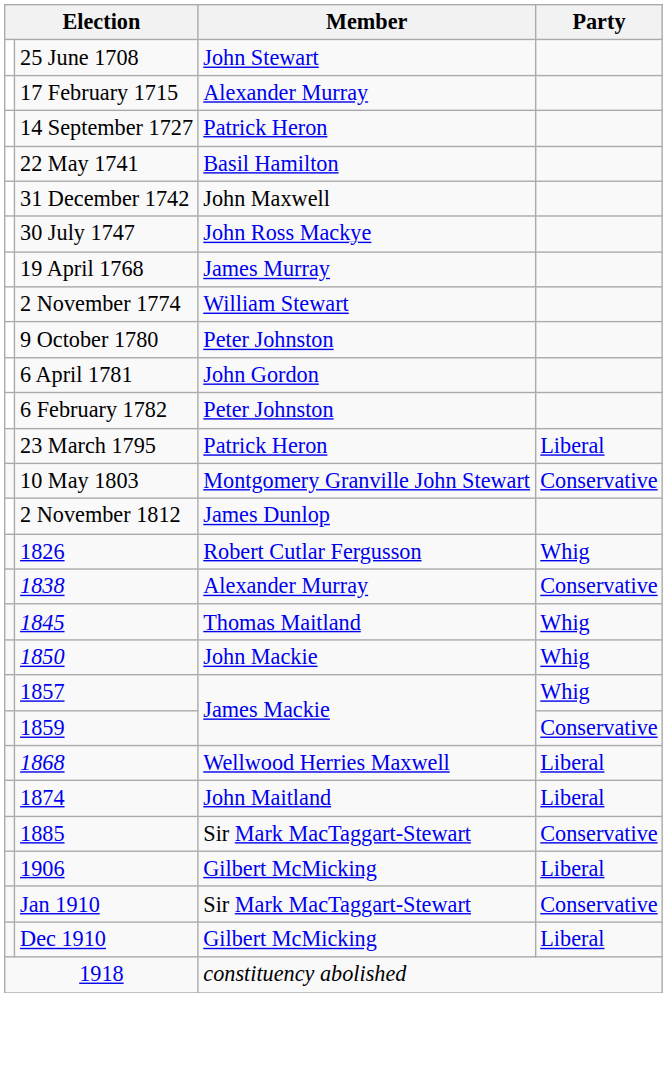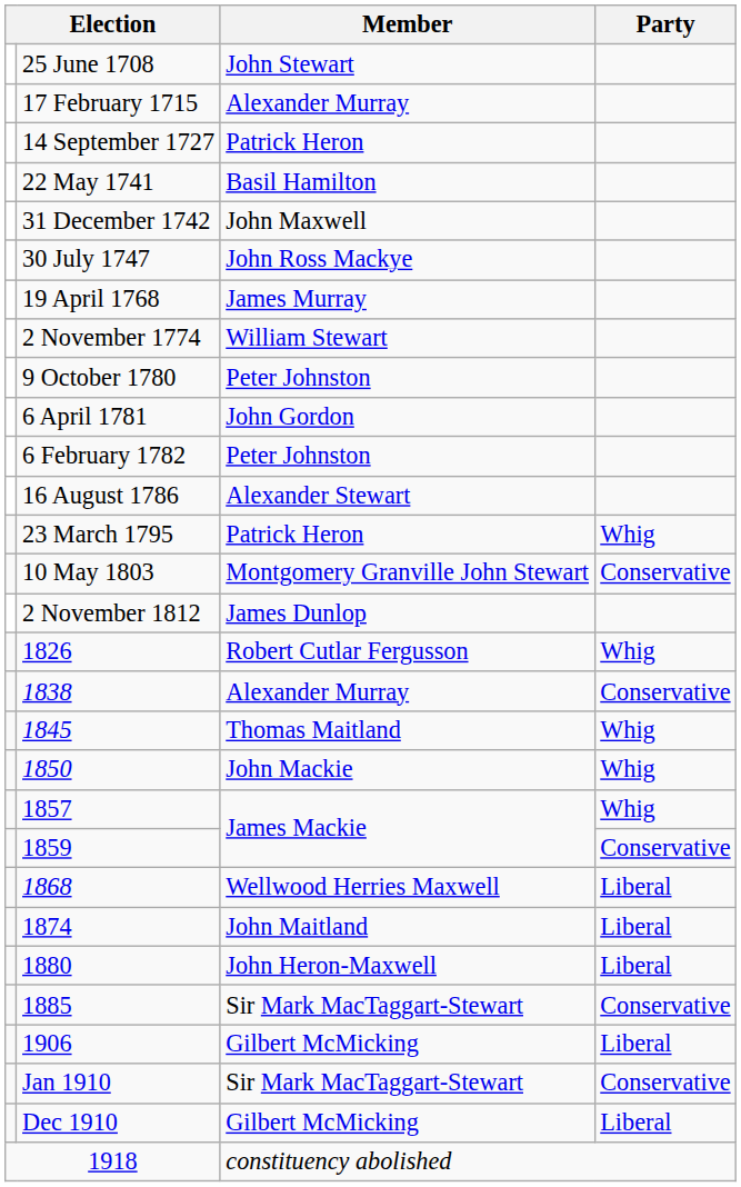 <table class="wikitable">
 <tr>
 <th colspan="2">Election</th>
 <th>Member</th>
 <th>Party</th>
 </tr>
 <tr>
 <td style="color:inherit;background-color: white"></td>
 <td>25 June 1708</td>
 <td><a href='#'>John Stewart</a></td>
 <td></td>
 </tr>
 <tr>
 <td style="color:inherit;background-color: white"></td>
 <td>17 February 1715</td>
 <td><a href='#'>Alexander Murray</a></td>
 <td></td>
 </tr>
 <tr>
 <td style="color:inherit;background-color: white"></td>
 <td>14 September 1727</td>
 <td><a href='#'>Patrick Heron</a></td>
 <td></td>
 </tr>
 <tr>
 <td style="color:inherit;background-color: white"></td>
 <td>22 May 1741</td>
 <td><a href='#'>Basil Hamilton</a></td>
 <td></td>
 </tr>
 <tr>
 <td style="color:inherit;background-color: white"></td>
 <td>31 December 1742</td>
 <td>John Maxwell</td>
 <td></td>
 </tr>
 <tr>
 <td style="color:inherit;background-color: white"></td>
 <td>30 July 1747</td>
 <td><a href='#'>John Ross Mackye</a></td>
 <td></td>
 </tr>
 <tr>
 <td style="color:inherit;background-color: white"></td>
 <td>19 April 1768</td>
 <td><a href='#'>James Murray</a></td>
 <td></td>
 </tr>
 <tr>
 <td style="color:inherit;background-color: white"></td>
 <td>2 November 1774</td>
 <td><a href='#'>William Stewart</a></td>
 <td></td>
 </tr>
 <tr>
 <td style="color:inherit;background-color: white"></td>
 <td>9 October 1780</td>
 <td><a href='#'>Peter Johnston</a></td>
 <td></td>
 </tr>
 <tr>
 <td style="color:inherit;background-color: white"></td>
 <td>6 April 1781</td>
 <td><a href='#'>John Gordon</a></td>
 <td></td>
 </tr>
 <tr>
 <td style="color:inherit;background-color: white"></td>
 <td>6 February 1782</td>
 <td><a href='#'>Peter Johnston</a></td>
 <td></td>
 </tr>
 <tr>
+<td style="color:inherit;background-color: white"></td>
+<td>16 August 1786</td>
+<td><a href='#'>Alexander Stewart</a></td>
+<td></td>
+</tr>
+<tr>
 <td style="color:inherit;background-color: "></td>
 <td>23 March 1795</td>
 <td><a href='#'>Patrick Heron</a></td>
-<td><a href='#'>Liberal</a></td>
+<td><a href='#'>Whig</a></td>
 </tr>
 <tr>
 <td style="color:inherit;background-color: "></td>
 <td>10 May 1803</td>
 <td><a href='#'>Montgomery Granville John Stewart</a></td>
 <td><a href='#'>Conservative</a></td>
 </tr>
 <tr>
 <td style="color:inherit;background-color: white"></td>
 <td>2 November 1812</td>
 <td><a href='#'>James Dunlop</a></td>
 <td></td>
 </tr>
 <tr>
 <td style="color:inherit;background-color: "></td>
 <td><a href='#'>1826</a></td>
 <td><a href='#'>Robert Cutlar Fergusson</a></td>
 <td><a href='#'>Whig</a></td>
 </tr>
 <tr>
 <td style="color:inherit;background-color: "></td>
 <td><em><a href='#'>1838</a></em></td>
 <td><a href='#'>Alexander Murray</a></td>
 <td><a href='#'>Conservative</a></td>
 </tr>
 <tr>
 <td style="color:inherit;background-color: "></td>
 <td><em><a href='#'>1845</a></em></td>
 <td><a href='#'>Thomas Maitland</a></td>
 <td><a href='#'>Whig</a></td>
 </tr>
 <tr>
 <td style="color:inherit;background-color: "></td>
 <td><em><a href='#'>1850</a></em></td>
 <td><a href='#'>John Mackie</a></td>
 <td><a href='#'>Whig</a></td>
 </tr>
 <tr>
 <td style="color:inherit;background-color: "></td>
 <td><a href='#'>1857</a></td>
 <td rowspan="2"><a href='#'>James Mackie</a></td>
 <td><a href='#'>Whig</a></td>
 </tr>
 <tr>
 <td style="color:inherit;background-color: "></td>
 <td><a href='#'>1859</a></td>
 <td><a href='#'>Conservative</a></td>
 </tr>
 <tr>
 <td style="color:inherit;background-color: "></td>
 <td><em><a href='#'>1868</a></em></td>
 <td><a href='#'>Wellwood Herries Maxwell</a></td>
 <td><a href='#'>Liberal</a></td>
 </tr>
 <tr>
 <td style="color:inherit;background-color: "></td>
 <td><a href='#'>1874</a></td>
 <td><a href='#'>John Maitland</a></td>
 <td><a href='#'>Liberal</a></td>
 </tr>
 <tr>
 <td style="color:inherit;background-color: "></td>
+<td><a href='#'>1880</a></td>
+<td><a href='#'>John Heron-Maxwell</a></td>
+<td><a href='#'>Liberal</a></td>
+</tr>
+<tr>
+<td style="color:inherit;background-color: "></td>
 <td><a href='#'>1885</a></td>
 <td>Sir <a href='#'>Mark MacTaggart-Stewart</a></td>
 <td><a href='#'>Conservative</a></td>
 </tr>
 <tr>
 <td style="color:inherit;background-color: "></td>
 <td><a href='#'>1906</a></td>
 <td><a href='#'>Gilbert McMicking</a></td>
 <td><a href='#'>Liberal</a></td>
 </tr>
 <tr>
 <td style="color:inherit;background-color: "></td>
 <td><a href='#'>Jan 1910</a></td>
 <td>Sir <a href='#'>Mark MacTaggart-Stewart</a></td>
 <td><a href='#'>Conservative</a></td>
 </tr>
 <tr>
 <td style="color:inherit;background-color: "></td>
 <td><a href='#'>Dec 1910</a></td>
 <td><a href='#'>Gilbert McMicking</a></td>
 <td><a href='#'>Liberal</a></td>
 </tr>
 <tr>
 <td colspan="2" align="center"><a href='#'>1918</a></td>
 <td colspan="2"><em>constituency abolished</em></td>
 </tr>
 </table>
